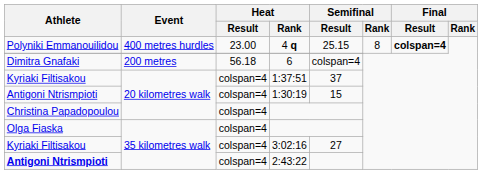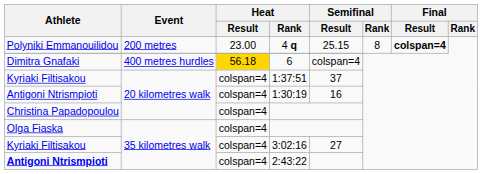 <table class="wikitable" style="font-size:90%">
 <tr>
 <th rowspan="2">Athlete</th>
 <th rowspan="2">Event</th>
 <th colspan="2">Heat</th>
 <th colspan="2">Semifinal</th>
 <th colspan="2">Final</th>
 </tr>
 <tr style="font-size:95%">
 <th>Result</th>
 <th>Rank</th>
 <th>Result</th>
 <th>Rank</th>
 <th>Result</th>
 <th>Rank</th>
 </tr>
 <tr align=center>
 <td align=left><a href='#'>Polyniki Emmanouilidou</a></td>
-<td align=left><a href='#'>400 metres hurdles</a></td>
+<td align=left><a href='#'>200 metres</a></td>
 <td>23.00</td>
 <td>4 <strong>q</strong></td>
 <td>25.15</td>
 <td>8</td>
 <td><strong>colspan=4 </strong></td>
 </tr>
 <tr align=center>
 </tr>
 <tr align=center>
 <td align=left><a href='#'>Dimitra Gnafaki</a></td>
-<td align=left><a href='#'>200 metres</a></td>
-<td>56.18 </td>
+<td align=left><a href='#'>400 metres hurdles</a></td>
+<td style="background: gold;">56.18 </td>
 <td>6</td>
 <td>colspan=4 </td>
 </tr>
 <tr align=center>
 <td align=left><a href='#'>Kyriaki Filtisakou</a></td>
 <td align=left rowspan=3><a href='#'>20 kilometres walk</a></td>
 <td>colspan=4</td>
 <td>1:37:51</td>
 <td>37</td>
 </tr>
 <tr align=center>
 <td align=left><a href='#'>Antigoni Ntrismpioti</a></td>
 <td>colspan=4</td>
 <td>1:30:19</td>
-<td>15</td>
+<td>16</td>
 </tr>
 <tr align=center>
 <td align=left><a href='#'>Christina Papadopoulou</a></td>
 <td>colspan=4</td>
 <td colspan=2></td>
 </tr>
 <tr align=center>
 <td align=left><a href='#'>Olga Fiaska</a></td>
 <td align=left rowspan=3><a href='#'>35 kilometres walk</a></td>
 <td>colspan=4</td>
 <td colspan=2></td>
 </tr>
 <tr align=center>
 <td align=left><a href='#'>Kyriaki Filtisakou</a></td>
 <td>colspan=4</td>
 <td>3:02:16</td>
 <td>27</td>
 </tr>
 <tr align=center>
 <td align=left><strong><a href='#'>Antigoni Ntrismpioti</a></strong></td>
 <td>colspan=4</td>
 <td>2:43:22 </td>
 <td></td>
 </tr>
 </table>
